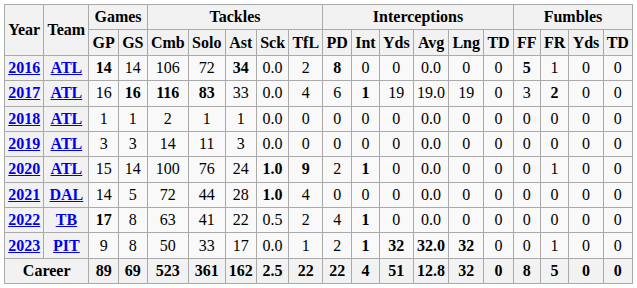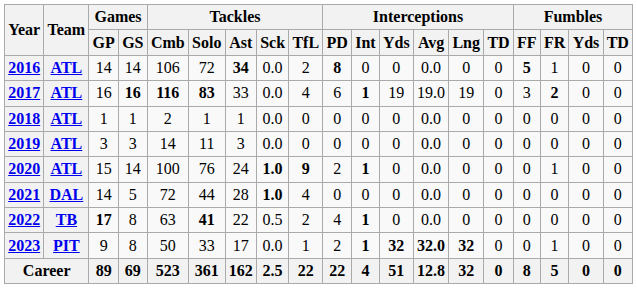 <table class="wikitable" style="text-align:center;">
 <tr>
 <th rowspan="2">Year</th>
 <th rowspan="2">Team</th>
 <th colspan="2">Games</th>
 <th colspan="5">Tackles</th>
 <th colspan="6">Interceptions</th>
 <th colspan="4">Fumbles</th>
 </tr>
 <tr>
 <th>GP</th>
 <th>GS</th>
 <th>Cmb</th>
 <th>Solo</th>
 <th>Ast</th>
 <th>Sck</th>
 <th>TfL</th>
 <th>PD</th>
 <th>Int</th>
 <th>Yds</th>
 <th>Avg</th>
 <th>Lng</th>
 <th>TD</th>
 <th>FF</th>
 <th>FR</th>
 <th>Yds</th>
 <th>TD</th>
 </tr>
 <tr>
 <th><a href='#'>2016</a></th>
 <th><a href='#'>ATL</a></th>
-<td><strong>14</strong></td>
+<td>14</td>
 <td>14</td>
 <td>106</td>
 <td>72</td>
 <td><strong>34</strong></td>
 <td>0.0</td>
 <td>2</td>
 <td><strong>8</strong></td>
 <td>0</td>
 <td>0</td>
 <td>0.0</td>
 <td>0</td>
 <td>0</td>
 <td><strong>5</strong></td>
 <td>1</td>
 <td>0</td>
 <td>0</td>
 </tr>
 <tr>
 <th><a href='#'>2017</a></th>
 <th><a href='#'>ATL</a></th>
 <td>16</td>
 <td><strong>16</strong></td>
 <td><strong>116</strong></td>
 <td><strong>83</strong></td>
 <td>33</td>
 <td>0.0</td>
 <td>4</td>
 <td>6</td>
 <td><strong>1</strong></td>
 <td>19</td>
 <td>19.0</td>
 <td>19</td>
 <td>0</td>
 <td>3</td>
 <td><strong>2</strong></td>
 <td>0</td>
 <td>0</td>
 </tr>
 <tr>
 <th><a href='#'>2018</a></th>
 <th><a href='#'>ATL</a></th>
 <td>1</td>
 <td>1</td>
 <td>2</td>
 <td>1</td>
 <td>1</td>
 <td>0.0</td>
 <td>0</td>
 <td>0</td>
 <td>0</td>
 <td>0</td>
 <td>0.0</td>
 <td>0</td>
 <td>0</td>
 <td>0</td>
 <td>0</td>
 <td>0</td>
 <td>0</td>
 </tr>
 <tr>
 <th><a href='#'>2019</a></th>
 <th><a href='#'>ATL</a></th>
 <td>3</td>
 <td>3</td>
 <td>14</td>
 <td>11</td>
 <td>3</td>
 <td>0.0</td>
 <td>0</td>
 <td>0</td>
 <td>0</td>
 <td>0</td>
 <td>0.0</td>
 <td>0</td>
 <td>0</td>
 <td>0</td>
 <td>0</td>
 <td>0</td>
 <td>0</td>
 </tr>
 <tr>
 <th><a href='#'>2020</a></th>
 <th><a href='#'>ATL</a></th>
 <td>15</td>
 <td>14</td>
 <td>100</td>
 <td>76</td>
 <td>24</td>
 <td><strong>1.0</strong></td>
 <td><strong>9</strong></td>
 <td>2</td>
 <td><strong>1</strong></td>
 <td>0</td>
 <td>0.0</td>
 <td>0</td>
 <td>0</td>
 <td>0</td>
 <td>1</td>
 <td>0</td>
 <td>0</td>
 </tr>
 <tr>
 <th><a href='#'>2021</a></th>
 <th><a href='#'>DAL</a></th>
 <td>14</td>
 <td>5</td>
 <td>72</td>
 <td>44</td>
 <td>28</td>
 <td><strong>1.0</strong></td>
 <td>4</td>
 <td>0</td>
 <td>0</td>
 <td>0</td>
 <td>0.0</td>
 <td>0</td>
 <td>0</td>
 <td>0</td>
 <td>0</td>
 <td>0</td>
 <td>0</td>
 </tr>
 <tr>
 <th><a href='#'>2022</a></th>
 <th><a href='#'>TB</a></th>
 <td><strong>17</strong></td>
 <td>8</td>
 <td>63</td>
-<td>41</td>
+<td><strong>41</strong></td>
 <td>22</td>
 <td>0.5</td>
 <td>2</td>
 <td>4</td>
 <td><strong>1</strong></td>
 <td>0</td>
 <td>0.0</td>
 <td>0</td>
 <td>0</td>
 <td>0</td>
 <td>0</td>
 <td>0</td>
 <td>0</td>
 </tr>
 <tr>
 <th><a href='#'>2023</a></th>
 <th><a href='#'>PIT</a></th>
 <td>9</td>
 <td>8</td>
 <td>50</td>
 <td>33</td>
 <td>17</td>
 <td>0.0</td>
 <td>1</td>
 <td>2</td>
 <td><strong>1</strong></td>
 <td><strong>32</strong></td>
 <td><strong>32.0</strong></td>
 <td><strong>32</strong></td>
 <td>0</td>
 <td>0</td>
 <td>1</td>
 <td>0</td>
 <td>0</td>
 </tr>
 <tr>
 <th colspan="2">Career</th>
 <th>89</th>
 <th>69</th>
 <th>523</th>
 <th>361</th>
 <th>162</th>
 <th>2.5</th>
 <th>22</th>
 <th>22</th>
 <th>4</th>
 <th>51</th>
 <th>12.8</th>
 <th>32</th>
 <th>0</th>
 <th>8</th>
 <th>5</th>
 <th>0</th>
 <th>0</th>
 </tr>
 </table>
